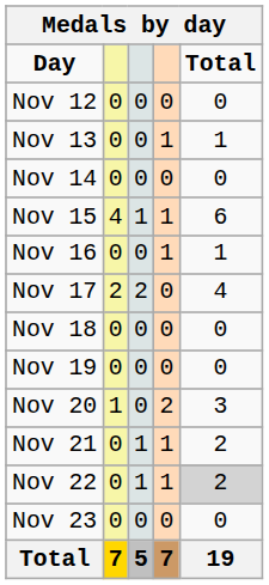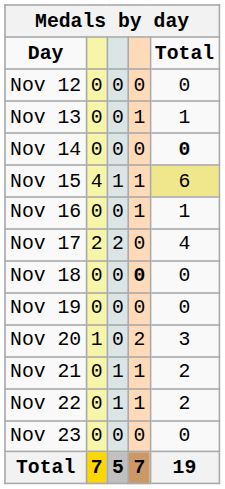 <table class="wikitable" style="font-size:95%; float:right">
 <tr align=center>
 <th colspan=7>Medals by day</th>
 </tr>
 <tr align=center>
 <td><strong>Day</strong></td>
 <td style="background:#f7f6a8;"></td>
 <td style="background:#dce5e5;"></td>
 <td style="background:#ffdab9;"></td>
 <td><strong>Total</strong></td>
 </tr>
 <tr align=center>
 <td>Nov 12</td>
 <td style="background:#f7f6a8;">0</td>
 <td style="background:#dce5e5;">0</td>
 <td style="background:#ffdab9;">0</td>
 <td>0</td>
 </tr>
 <tr align=center>
 <td>Nov 13</td>
 <td style="background:#f7f6a8;">0</td>
 <td style="background:#dce5e5;">0</td>
 <td style="background:#ffdab9;">1</td>
 <td>1</td>
 </tr>
 <tr align=center>
 <td>Nov 14</td>
 <td style="background:#f7f6a8;">0</td>
 <td style="background:#dce5e5;">0</td>
 <td style="background:#ffdab9;">0</td>
-<td>0</td>
+<td><strong>0</strong></td>
 </tr>
 <tr align=center>
 <td>Nov 15</td>
 <td style="background:#f7f6a8;">4</td>
 <td style="background:#dce5e5;">1</td>
 <td style="background:#ffdab9;">1</td>
-<td>6</td>
+<td style="background: khaki;">6</td>
 </tr>
 <tr align=center>
 <td>Nov 16</td>
 <td style="background:#f7f6a8;">0</td>
 <td style="background:#dce5e5;">0</td>
 <td style="background:#ffdab9;">1</td>
 <td>1</td>
 </tr>
 <tr align=center>
 <td>Nov 17</td>
 <td style="background:#f7f6a8;">2</td>
 <td style="background:#dce5e5;">2</td>
 <td style="background:#ffdab9;">0</td>
 <td>4</td>
 </tr>
 <tr align=center>
 <td>Nov 18</td>
 <td style="background:#f7f6a8;">0</td>
 <td style="background:#dce5e5;">0</td>
-<td style="background:#ffdab9;">0</td>
+<td style="background:#ffdab9;"><strong>0</strong></td>
 <td>0</td>
 </tr>
 <tr align=center>
 <td>Nov 19</td>
 <td style="background:#f7f6a8;">0</td>
 <td style="background:#dce5e5;">0</td>
 <td style="background:#ffdab9;">0</td>
 <td>0</td>
 </tr>
 <tr align=center>
 <td>Nov 20</td>
 <td style="background:#f7f6a8;">1</td>
 <td style="background:#dce5e5;">0</td>
 <td style="background:#ffdab9;">2</td>
 <td>3</td>
 </tr>
 <tr align=center>
 <td>Nov 21</td>
 <td style="background:#f7f6a8;">0</td>
 <td style="background:#dce5e5;">1</td>
 <td style="background:#ffdab9;">1</td>
 <td>2</td>
 </tr>
 <tr align=center>
 <td>Nov 22</td>
 <td style="background:#f7f6a8;">0</td>
 <td style="background:#dce5e5;">1</td>
 <td style="background:#ffdab9;">1</td>
-<td style="background: lightgrey;">2</td>
+<td>2</td>
 </tr>
 <tr align=center>
 <td>Nov 23</td>
 <td style="background:#f7f6a8;">0</td>
 <td style="background:#dce5e5;">0</td>
 <td style="background:#ffdab9;">0</td>
 <td>0</td>
 </tr>
 <tr align=center>
 <th>Total</th>
 <th style="background:gold;">7</th>
 <th style="background:silver;">5</th>
 <th style="background:#c96;">7</th>
 <th>19</th>
 </tr>
 </table>
